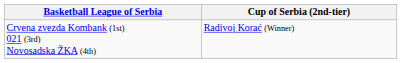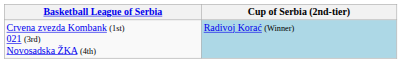 <table class=wikitable width=40%>
 <tr>
 <th width=13%><a href='#'>Basketball League of Serbia</a></th>
 <th width=13%>Cup of Serbia (2nd-tier)</th>
 </tr>
 <tr valign=top>
 <td><a href='#'>Crvena zvezda Kombank</a> <small>(1st)</small><br><a href='#'>021</a> <small>(3rd)</small><br><a href='#'>Novosadska ŽKA</a> <small>(4th)</small></td>
-<td><a href='#'>Radivoj Korać</a> <small>(Winner)</small></td>
+<td style="background: lightblue;"><a href='#'>Radivoj Korać</a> <small>(Winner)</small></td>
 </tr>
 </table>
